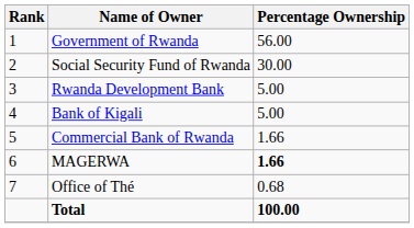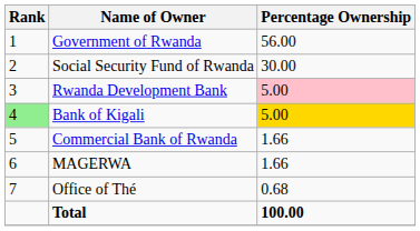 <table class="wikitable sortable" style="margin-left:auto;margin-right:auto">
 <tr>
 <th style="width:2em;">Rank</th>
 <th>Name of Owner</th>
 <th>Percentage Ownership</th>
 </tr>
 <tr>
 <td>1</td>
 <td><a href='#'>Government of Rwanda</a></td>
 <td>56.00</td>
 </tr>
 <tr>
 <td>2</td>
 <td>Social Security Fund of Rwanda</td>
 <td>30.00</td>
 </tr>
 <tr>
 <td>3</td>
 <td><a href='#'>Rwanda Development Bank</a></td>
-<td>5.00</td>
+<td style="background: pink;">5.00</td>
 </tr>
 <tr>
-<td>4</td>
+<td style="background: lightgreen;">4</td>
 <td><a href='#'>Bank of Kigali</a></td>
-<td>5.00</td>
+<td style="background: gold;">5.00</td>
 </tr>
 <tr>
 <td>5</td>
 <td><a href='#'>Commercial Bank of Rwanda</a></td>
 <td>1.66</td>
 </tr>
 <tr>
 <td>6</td>
 <td>MAGERWA</td>
-<td><strong>1.66</strong></td>
+<td>1.66</td>
 </tr>
 <tr>
 <td>7</td>
 <td>Office of Thé</td>
 <td>0.68</td>
 </tr>
 <tr>
 <td></td>
 <td><strong>Total</strong></td>
 <td><strong>100.00</strong></td>
 </tr>
 <tr>
 </tr>
 </table>
